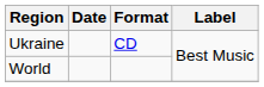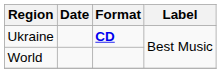 <table class="wikitable plainrowheaders">
 <tr>
 <th>Region</th>
 <th>Date</th>
 <th>Format</th>
 <th>Label</th>
 </tr>
 <tr>
 <td>Ukraine</td>
 <td></td>
-<td><a href='#'>CD</a></td>
+<td><strong><a href='#'>CD</a></strong></td>
 <td rowspan="2">Best Music</td>
 </tr>
 <tr>
 <td>World</td>
 <td></td>
 <td></td>
 </tr>
 <tr>
 </tr>
 </table>
